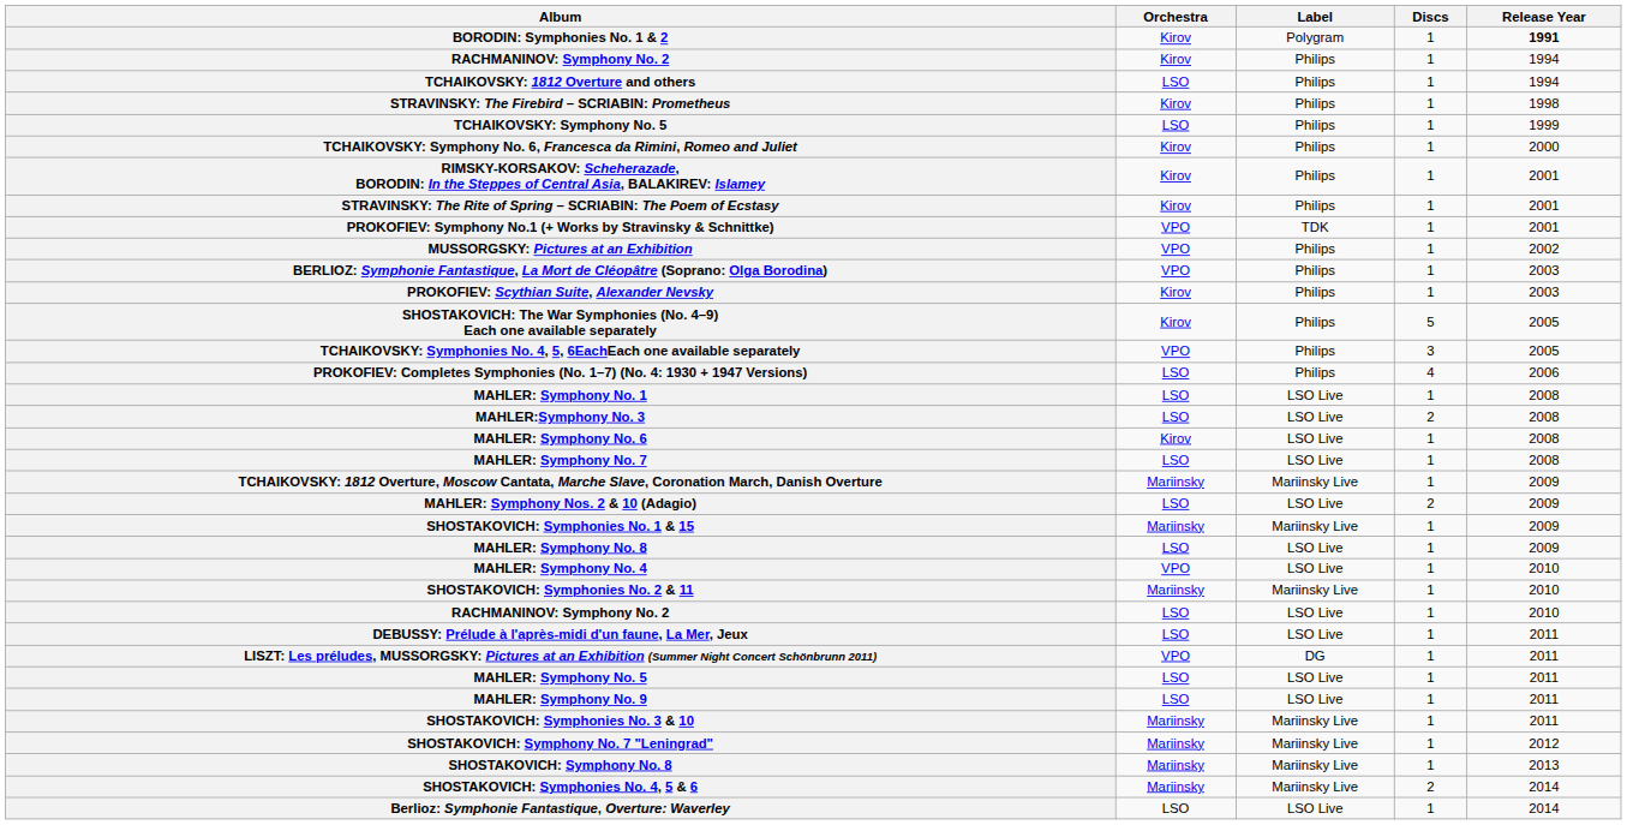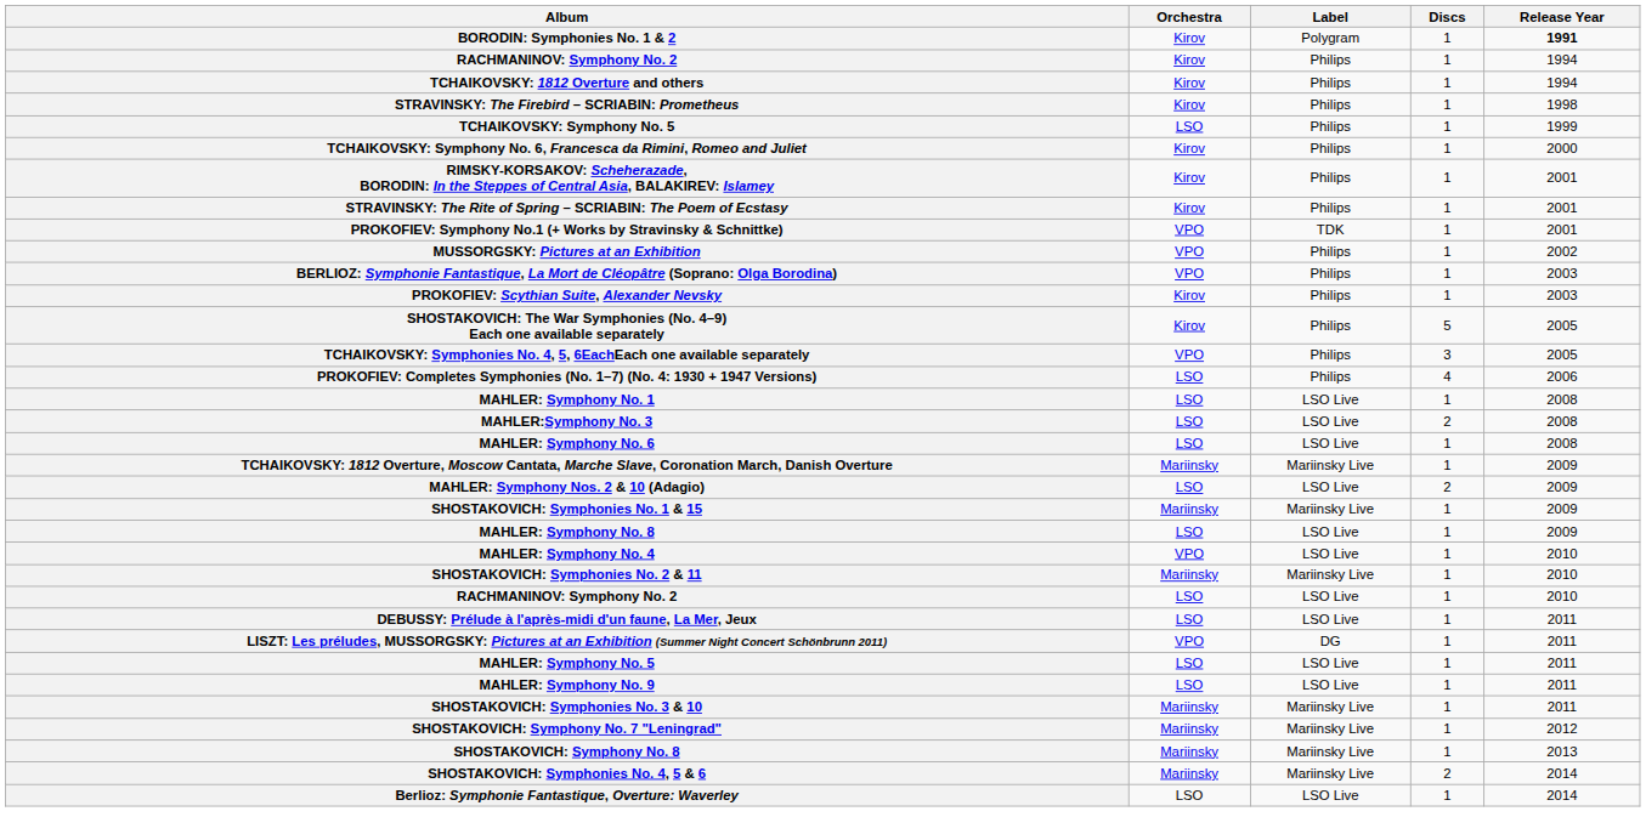 <table class="sortable wikitable" style="font-size: smaller; text-align: center; width: 100%;">
 <tr>
 <th>Album</th>
 <th>Orchestra</th>
 <th>Label</th>
 <th>Discs</th>
 <th>Release Year</th>
 </tr>
 <tr>
 <th>BORODIN: Symphonies No. 1 & <a href='#'>2</a></th>
 <td><a href='#'>Kirov</a></td>
 <td>Polygram</td>
 <td>1</td>
 <td><strong>1991</strong></td>
 </tr>
 <tr>
 <th>RACHMANINOV: <a href='#'>Symphony No. 2</a></th>
 <td><a href='#'>Kirov</a></td>
 <td>Philips</td>
 <td>1</td>
 <td>1994</td>
 </tr>
 <tr>
 <th>TCHAIKOVSKY: <a href='#'><em>1812</em> Overture</a> and others</th>
-<td><a href='#'>LSO</a></td>
+<td><a href='#'>Kirov</a></td>
 <td>Philips</td>
 <td>1</td>
 <td>1994</td>
 </tr>
 <tr>
 <th>STRAVINSKY: <em>The Firebird</em> – SCRIABIN: <em>Prometheus</em></th>
 <td><a href='#'>Kirov</a></td>
 <td>Philips</td>
 <td>1</td>
 <td>1998</td>
 </tr>
 <tr>
 <th>TCHAIKOVSKY: Symphony No. 5</th>
 <td><a href='#'>LSO</a></td>
 <td>Philips</td>
 <td>1</td>
 <td>1999</td>
 </tr>
 <tr>
 <th>TCHAIKOVSKY: Symphony No. 6, <em>Francesca da Rimini</em>, <em>Romeo and Juliet</em></th>
 <td><a href='#'>Kirov</a></td>
 <td>Philips</td>
 <td>1</td>
 <td>2000</td>
 </tr>
 <tr>
 <th>RIMSKY-KORSAKOV: <em><a href='#'>Scheherazade</a></em>,<br>BORODIN: <em><a href='#'>In the Steppes of Central Asia</a></em>, BALAKIREV: <em><a href='#'>Islamey</a></em></th>
 <td><a href='#'>Kirov</a></td>
 <td>Philips</td>
 <td>1</td>
 <td>2001</td>
 </tr>
 <tr>
 <th>STRAVINSKY: <em>The Rite of Spring</em> – SCRIABIN: <em>The Poem of Ecstasy</em></th>
 <td><a href='#'>Kirov</a></td>
 <td>Philips</td>
 <td>1</td>
 <td>2001</td>
 </tr>
 <tr>
 <th>PROKOFIEV: Symphony No.1 (+ Works by Stravinsky & Schnittke)</th>
 <td><a href='#'>VPO</a></td>
 <td>TDK</td>
 <td>1</td>
 <td>2001</td>
 </tr>
 <tr>
 <th>MUSSORGSKY: <em><a href='#'>Pictures at an Exhibition</a></em></th>
 <td><a href='#'>VPO</a></td>
 <td>Philips</td>
 <td>1</td>
 <td>2002</td>
 </tr>
 <tr>
 <th>BERLIOZ: <em><a href='#'>Symphonie Fantastique</a></em>, <em><a href='#'>La Mort de Cléopâtre</a></em> (Soprano: <a href='#'>Olga Borodina</a>)</th>
 <td><a href='#'>VPO</a></td>
 <td>Philips</td>
 <td>1</td>
 <td>2003</td>
 </tr>
 <tr>
 <th>PROKOFIEV: <em><a href='#'>Scythian Suite</a></em>, <em><a href='#'>Alexander Nevsky</a></em></th>
 <td><a href='#'>Kirov</a></td>
 <td>Philips</td>
 <td>1</td>
 <td>2003</td>
 </tr>
 <tr>
 <th>SHOSTAKOVICH: The War Symphonies (No. 4–9)<br>Each one available separately</th>
 <td><a href='#'>Kirov</a></td>
 <td>Philips</td>
 <td>5</td>
 <td>2005</td>
 </tr>
 <tr>
 <th>TCHAIKOVSKY: <a href='#'>Symphonies No. 4</a>, <a href='#'>5</a>, <a href='#'>6Each</a>Each one available separately</th>
 <td><a href='#'>VPO</a></td>
 <td>Philips</td>
 <td>3</td>
 <td>2005</td>
 </tr>
 <tr>
 <th>PROKOFIEV: Completes Symphonies (No. 1–7) (No. 4: 1930 + 1947 Versions)</th>
 <td><a href='#'>LSO</a></td>
 <td>Philips</td>
 <td>4</td>
 <td>2006</td>
 </tr>
 <tr>
 <th>MAHLER: <a href='#'>Symphony No. 1</a></th>
 <td><a href='#'>LSO</a></td>
 <td>LSO Live</td>
 <td>1</td>
 <td>2008</td>
 </tr>
 <tr>
 <th>MAHLER:<a href='#'>Symphony No. 3</a></th>
 <td><a href='#'>LSO</a></td>
 <td>LSO Live</td>
 <td>2</td>
 <td>2008</td>
 </tr>
 <tr>
 <th>MAHLER: <a href='#'>Symphony No. 6</a></th>
-<td><a href='#'>Kirov</a></td>
-<td>LSO Live</td>
-<td>1</td>
-<td>2008</td>
-</tr>
-<tr>
-<th>MAHLER: <a href='#'>Symphony No. 7</a></th>
 <td><a href='#'>LSO</a></td>
 <td>LSO Live</td>
 <td>1</td>
 <td>2008</td>
 </tr>
 <tr>
 <th>TCHAIKOVSKY: <em>1812</em> Overture, <em>Moscow</em> Cantata, <em>Marche Slave</em>, Coronation March, Danish Overture</th>
 <td><a href='#'>Mariinsky</a></td>
 <td>Mariinsky Live</td>
 <td>1</td>
 <td>2009</td>
 </tr>
 <tr>
 <th>MAHLER: <a href='#'>Symphony Nos. 2</a> & <a href='#'>10</a> (Adagio)</th>
 <td><a href='#'>LSO</a></td>
 <td>LSO Live</td>
 <td>2</td>
 <td>2009</td>
 </tr>
 <tr>
 <th>SHOSTAKOVICH: <a href='#'>Symphonies No. 1</a> & <a href='#'>15</a></th>
 <td><a href='#'>Mariinsky</a></td>
 <td>Mariinsky Live</td>
 <td>1</td>
 <td>2009</td>
 </tr>
 <tr>
 <th>MAHLER: <a href='#'>Symphony No. 8</a></th>
 <td><a href='#'>LSO</a></td>
 <td>LSO Live</td>
 <td>1</td>
 <td>2009</td>
 </tr>
 <tr>
 <th>MAHLER: <a href='#'>Symphony No. 4</a></th>
 <td><a href='#'>VPO</a></td>
 <td>LSO Live</td>
 <td>1</td>
 <td>2010</td>
 </tr>
 <tr>
 <th>SHOSTAKOVICH: <a href='#'>Symphonies No. 2</a> & <a href='#'>11</a></th>
 <td><a href='#'>Mariinsky</a></td>
 <td>Mariinsky Live</td>
 <td>1</td>
 <td>2010</td>
 </tr>
 <tr>
 <th>RACHMANINOV: Symphony No. 2</th>
 <td><a href='#'>LSO</a></td>
 <td>LSO Live</td>
 <td>1</td>
 <td>2010</td>
 </tr>
 <tr>
 <th>DEBUSSY: <a href='#'>Prélude à l'après-midi d'un faune</a>, <a href='#'>La Mer</a>, Jeux</th>
 <td><a href='#'>LSO</a></td>
 <td>LSO Live</td>
 <td>1</td>
 <td>2011</td>
 </tr>
 <tr>
 <th>LISZT: <a href='#'>Les préludes</a>, MUSSORGSKY: <em><a href='#'>Pictures at an Exhibition</a> <small>(Summer Night Concert Schönbrunn 2011)</small></em></th>
 <td><a href='#'>VPO</a></td>
 <td>DG</td>
 <td>1</td>
 <td>2011</td>
 </tr>
 <tr>
 <th>MAHLER: <a href='#'>Symphony No. 5</a></th>
 <td><a href='#'>LSO</a></td>
 <td>LSO Live</td>
 <td>1</td>
 <td>2011</td>
 </tr>
 <tr>
 <th>MAHLER: <a href='#'>Symphony No. 9</a></th>
 <td><a href='#'>LSO</a></td>
 <td>LSO Live</td>
 <td>1</td>
 <td>2011</td>
 </tr>
 <tr>
 <th>SHOSTAKOVICH: <a href='#'>Symphonies No. 3</a> & <a href='#'>10</a></th>
 <td><a href='#'>Mariinsky</a></td>
 <td>Mariinsky Live</td>
 <td>1</td>
 <td>2011</td>
 </tr>
 <tr>
 <th>SHOSTAKOVICH: <a href='#'>Symphony No. 7 "Leningrad"</a></th>
 <td><a href='#'>Mariinsky</a></td>
 <td>Mariinsky Live</td>
 <td>1</td>
 <td>2012</td>
 </tr>
 <tr>
 <th>SHOSTAKOVICH: <a href='#'>Symphony No. 8</a></th>
 <td><a href='#'>Mariinsky</a></td>
 <td>Mariinsky Live</td>
 <td>1</td>
 <td>2013</td>
 </tr>
 <tr>
 <th>SHOSTAKOVICH: <a href='#'>Symphonies No. 4</a>, <a href='#'>5</a> & <a href='#'>6</a></th>
 <td><a href='#'>Mariinsky</a></td>
 <td>Mariinsky Live</td>
 <td>2</td>
 <td>2014</td>
 </tr>
 <tr>
 <th>Berlioz: <em>Symphonie Fantastique</em>, <em>Overture: Waverley</em></th>
 <td>LSO</td>
 <td>LSO Live</td>
 <td>1</td>
 <td>2014</td>
 </tr>
 </table>
